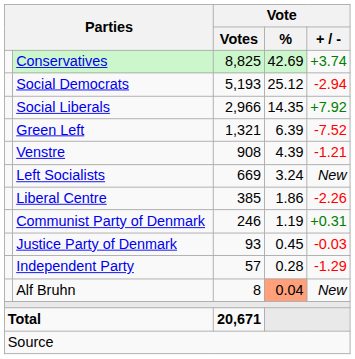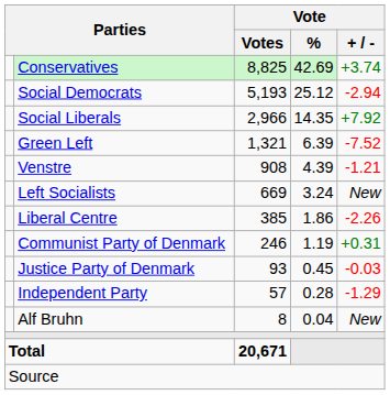 <table class="wikitable" style="text-align:right;">
 <tr>
 <th style="text-align:centre;" rowspan="2" colspan="2" width="225">Parties</th>
 <th colspan="3">Vote</th>
 </tr>
 <tr>
 <th width="15">Votes</th>
 <th width="15">%</th>
 <th width="15">+ / -</th>
 </tr>
 <tr>
 <td width="2" style="color:inherit;background:"></td>
 <td bgcolor=#ccf7cc  align="left"><a href='#'>Conservatives</a></td>
 <td bgcolor=#ccf7cc>8,825</td>
 <td bgcolor=#ccf7cc>42.69</td>
 <td style=color:green;>+3.74</td>
 </tr>
 <tr>
 <td width="2" style="color:inherit;background:"></td>
 <td align="left"><a href='#'>Social Democrats</a></td>
 <td>5,193</td>
 <td>25.12</td>
 <td style=color:red;>-2.94</td>
 </tr>
 <tr>
 <td width="2" style="color:inherit;background:"></td>
 <td align="left"><a href='#'>Social Liberals</a></td>
 <td>2,966</td>
 <td>14.35</td>
 <td style=color:green;>+7.92</td>
 </tr>
 <tr>
 <td width="2" style="color:inherit;background:"></td>
 <td align="left"><a href='#'>Green Left</a></td>
 <td>1,321</td>
 <td>6.39</td>
 <td style=color:red;>-7.52</td>
 </tr>
 <tr>
 <td width="2" style="color:inherit;background:"></td>
 <td align="left"><a href='#'>Venstre</a></td>
 <td>908</td>
 <td>4.39</td>
 <td style=color:red;>-1.21</td>
 </tr>
 <tr>
 <td width="2" style="color:inherit;background:"></td>
 <td align="left"><a href='#'>Left Socialists</a></td>
 <td>669</td>
 <td>3.24</td>
 <td><em>New</em></td>
 </tr>
 <tr>
 <td width="2" style="color:inherit;background:"></td>
 <td align="left"><a href='#'>Liberal Centre</a></td>
 <td>385</td>
 <td>1.86</td>
 <td style=color:red;>-2.26</td>
 </tr>
 <tr>
 <td width="2" style="color:inherit;background:"></td>
 <td align="left"><a href='#'>Communist Party of Denmark</a></td>
 <td>246</td>
 <td>1.19</td>
 <td style=color:green;>+0.31</td>
 </tr>
 <tr>
 <td width="2" style="color:inherit;background:"></td>
 <td align="left"><a href='#'>Justice Party of Denmark</a></td>
 <td>93</td>
 <td>0.45</td>
 <td style=color:red;>-0.03</td>
 </tr>
 <tr>
 <td width="2" style="color:inherit;background:"></td>
 <td align="left"><a href='#'>Independent Party</a></td>
 <td>57</td>
 <td>0.28</td>
 <td style=color:red;>-1.29</td>
 </tr>
 <tr>
 <td width="2" style="color:inherit;background:"></td>
 <td align="left">Alf Bruhn</td>
 <td>8</td>
-<td style="background: lightsalmon;">0.04</td>
+<td>0.04</td>
 <td><em>New</em></td>
 </tr>
 <tr>
 <td colspan="7" bgcolor="#E9E9E9"></td>
 </tr>
 <tr>
 <td align="left" colspan="2"><strong>Total</strong></td>
 <td><strong>20,671</strong></td>
 <td bgcolor="#E9E9E9" colspan="2"></td>
 </tr>
 <tr>
 <td align="left" colspan="6">Source</td>
 </tr>
 </table>
